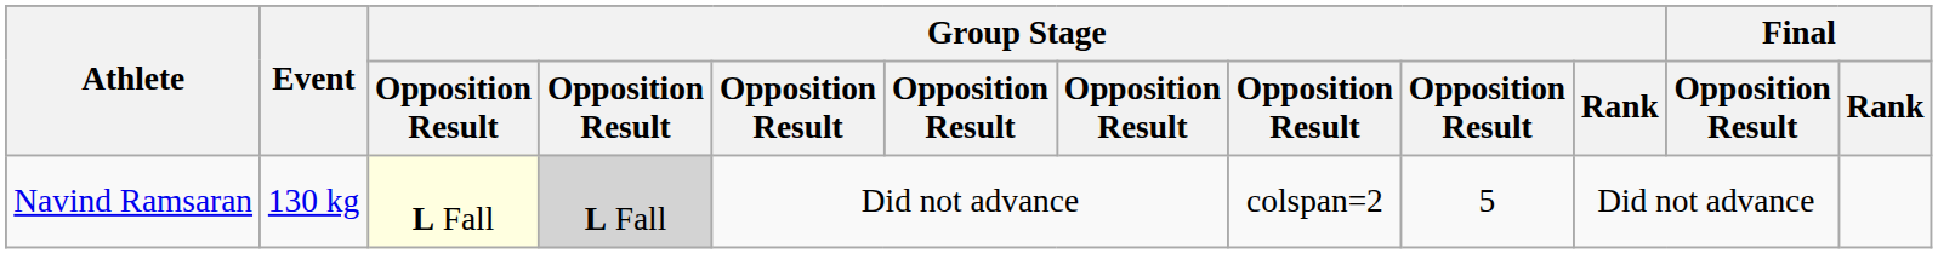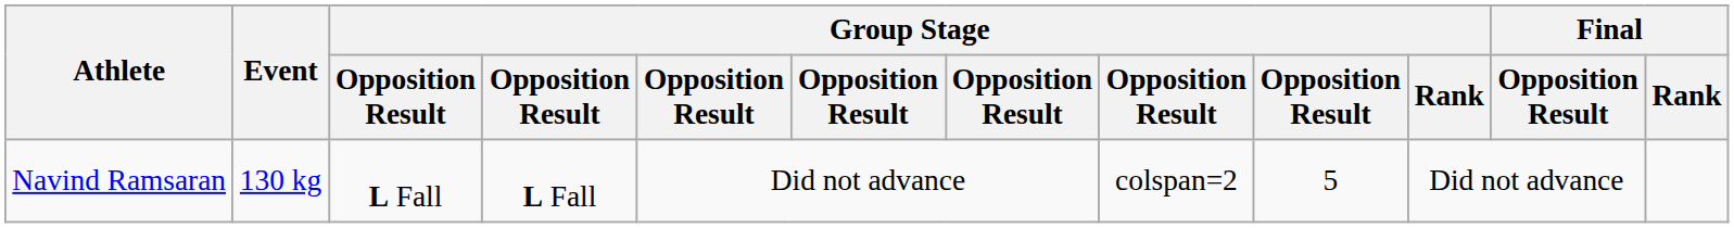 <table class=wikitable style="font-size:90%">
 <tr>
 <th rowspan="2">Athlete</th>
 <th rowspan="2">Event</th>
 <th colspan="8">Group Stage</th>
 <th colspan=2>Final</th>
 </tr>
 <tr>
 <th>Opposition<br>Result</th>
 <th>Opposition<br>Result</th>
 <th>Opposition<br>Result</th>
 <th>Opposition<br>Result</th>
 <th>Opposition<br>Result</th>
 <th>Opposition<br>Result</th>
 <th>Opposition<br>Result</th>
 <th>Rank</th>
 <th>Opposition<br>Result</th>
 <th>Rank</th>
 </tr>
 <tr align=center>
 <td align=left><a href='#'>Navind Ramsaran</a></td>
 <td align=left><a href='#'>130 kg</a></td>
-<td style="background: lightyellow;"><br><strong>L</strong> Fall</td>
-<td style="background: lightgrey;"><br><strong>L</strong> Fall</td>
+<td><br><strong>L</strong> Fall</td>
+<td><br><strong>L</strong> Fall</td>
 <td colspan=3>Did not advance</td>
 <td>colspan=2</td>
 <td>5</td>
 <td colspan=2>Did not advance</td>
 </tr>
 </table>
